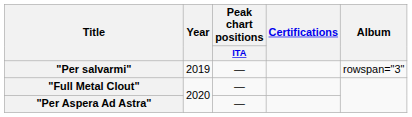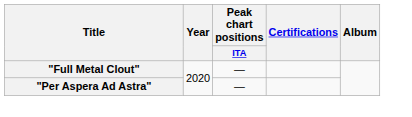 <table class="wikitable plainrowheaders" style="text-align:center;">
 <tr>
 <th rowspan="2" scope="col" style="width:16em;">Title</th>
 <th rowspan="2" scope="col" style="width:1em;">Year</th>
 <th scope="col">Peak chart positions</th>
 <th rowspan="2" scope="col"><a href='#'>Certifications</a></th>
 <th rowspan="2">Album</th>
 </tr>
 <tr>
 <th scope="col" style="width:3em;font-size:85%;"><a href='#'>ITA</a><br></th>
-</tr>
-<tr>
-<th scope="row">"Per salvarmi"<br></th>
-<td>2019</td>
-<td>—</td>
-<td></td>
-<td>rowspan="3" </td>
 </tr>
 <tr>
 <th scope="row">"Full Metal Clout"<br></th>
 <td rowspan="2">2020</td>
 <td>—</td>
 <td></td>
 </tr>
 <tr>
 <th scope="row">"Per Aspera Ad Astra"<br></th>
 <td>—</td>
 <td></td>
 </tr>
 </table>
